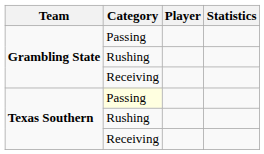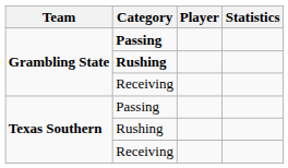 <table class="wikitable" style="float: right;">
 <tr>
 <th>Team</th>
 <th>Category</th>
 <th>Player</th>
 <th>Statistics</th>
 </tr>
 <tr>
 <td rowspan=3><strong>Grambling State</strong></td>
+<td><strong>Passing</strong></td>
+<td></td>
+<td></td>
+</tr>
+<tr>
+<td><strong>Rushing</strong></td>
+<td></td>
+<td></td>
+</tr>
+<tr>
+<td>Receiving</td>
+<td></td>
+<td></td>
+</tr>
+<tr>
+<td rowspan=3><strong>Texas Southern</strong></td>
 <td>Passing</td>
 <td></td>
 <td></td>
 </tr>
 <tr>
 <td>Rushing</td>
 <td></td>
 <td></td>
 </tr>
 <tr>
 <td>Receiving</td>
 <td></td>
 <td></td>
 </tr>
-<tr>
-<td rowspan=3><strong>Texas Southern</strong></td>
-<td style="background: lightyellow;">Passing</td>
-<td></td>
-<td></td>
-</tr>
-<tr>
-<td>Rushing</td>
-<td></td>
-<td></td>
-</tr>
-<tr>
-<td>Receiving</td>
-<td></td>
-<td></td>
-</tr>
 </table>
